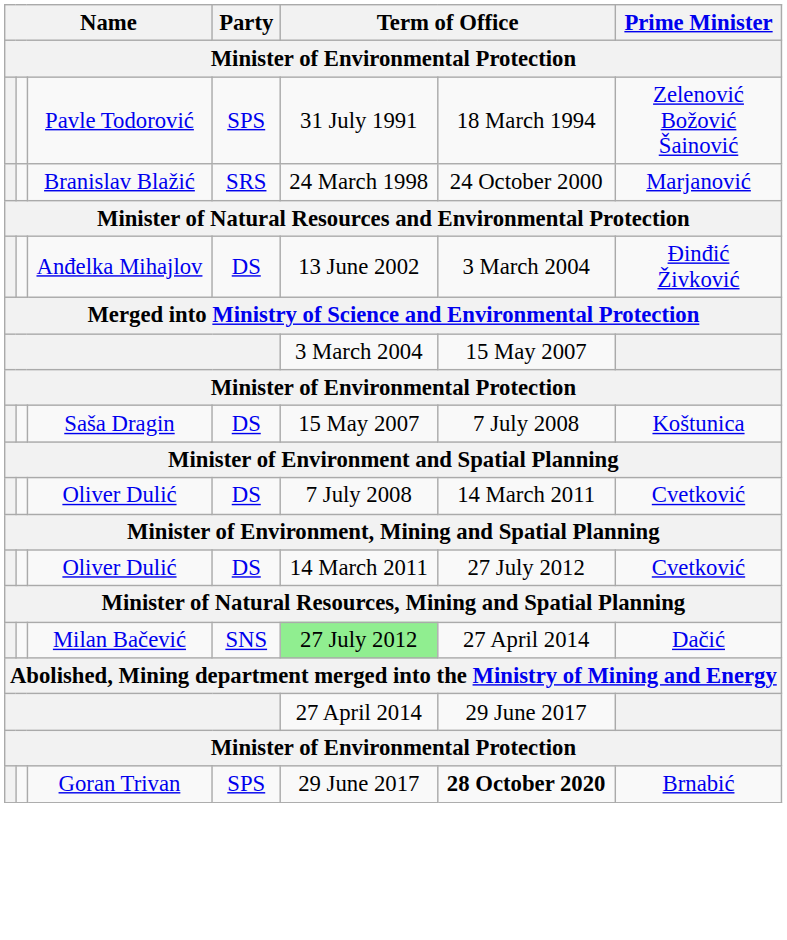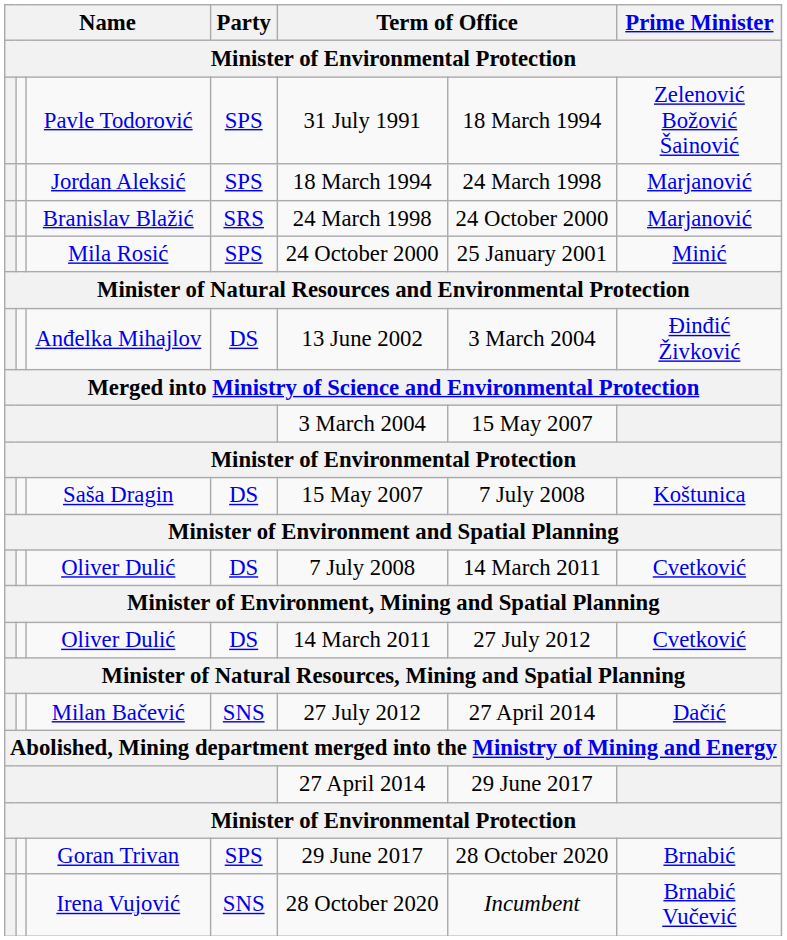 <table class="wikitable" style="text-align:center;">
 <tr>
 <th colspan=3>Name<br></th>
 <th>Party</th>
 <th colspan=2>Term of Office</th>
 <th><a href='#'>Prime Minister</a><br></th>
 </tr>
 <tr>
 <th colspan="7">Minister of Environmental Protection</th>
 </tr>
 <tr>
 <th style="background:"></th>
 <td></td>
 <td><a href='#'>Pavle Todorović</a><br></td>
 <td><a href='#'>SPS</a></td>
 <td>31 July 1991</td>
 <td>18 March 1994</td>
 <td><a href='#'>Zelenović</a> <br><a href='#'>Božović</a> <br><a href='#'>Šainović</a> </td>
 </tr>
 <tr>
 <th style="background:"></th>
 <td></td>
+<td><a href='#'>Jordan Aleksić</a><br></td>
+<td><a href='#'>SPS</a></td>
+<td>18 March 1994</td>
+<td>24 March 1998</td>
+<td><a href='#'>Marjanović</a> </td>
+</tr>
+<tr>
+<th style="background:"></th>
+<td></td>
 <td><a href='#'>Branislav Blažić</a><br></td>
 <td><a href='#'>SRS</a></td>
 <td>24 March 1998</td>
 <td>24 October 2000</td>
 <td><a href='#'>Marjanović</a> </td>
+</tr>
+<tr>
+<th style="background:"></th>
+<td></td>
+<td><a href='#'>Mila Rosić</a><br></td>
+<td><a href='#'>SPS</a></td>
+<td>24 October 2000</td>
+<td>25 January 2001</td>
+<td><a href='#'>Minić</a> </td>
 </tr>
 <tr>
 <th colspan="7">Minister of Natural Resources and Environmental Protection</th>
 </tr>
 <tr>
 <th style="background:"></th>
 <td></td>
 <td><a href='#'>Anđelka Mihajlov</a><br></td>
 <td><a href='#'>DS</a></td>
 <td>13 June 2002</td>
 <td>3 March 2004</td>
 <td><a href='#'>Đinđić</a> <br><a href='#'>Živković</a> </td>
 </tr>
 <tr>
 <th colspan="7">Merged into <a href='#'>Ministry of Science and Environmental Protection</a></th>
 </tr>
 <tr>
 <th colspan="4"></th>
 <td>3 March 2004</td>
 <td>15 May 2007</td>
 <th></th>
 </tr>
 <tr>
 <th colspan="7">Minister of Environmental Protection</th>
 </tr>
 <tr>
 <th style="background:"></th>
 <td></td>
 <td><a href='#'>Saša Dragin</a><br></td>
 <td><a href='#'>DS</a></td>
 <td>15 May 2007</td>
 <td>7 July 2008</td>
 <td><a href='#'>Koštunica</a> </td>
 </tr>
 <tr>
 <th colspan="7">Minister of Environment and Spatial Planning</th>
 </tr>
 <tr>
 <th style="background:"></th>
 <td></td>
 <td><a href='#'>Oliver Dulić</a><br></td>
 <td><a href='#'>DS</a></td>
 <td>7 July 2008</td>
 <td>14 March 2011</td>
 <td><a href='#'>Cvetković</a> </td>
 </tr>
 <tr>
 <th colspan="7">Minister of Environment, Mining and Spatial Planning</th>
 </tr>
 <tr>
 <th style="background:"></th>
 <td></td>
 <td><a href='#'>Oliver Dulić</a><br></td>
 <td><a href='#'>DS</a></td>
 <td>14 March 2011</td>
 <td>27 July 2012</td>
 <td><a href='#'>Cvetković</a> </td>
 </tr>
 <tr>
 <th colspan="7">Minister of Natural Resources, Mining and Spatial Planning</th>
 </tr>
 <tr>
 <th style="background:"></th>
 <td></td>
 <td><a href='#'>Milan Bačević</a><br></td>
 <td><a href='#'>SNS</a></td>
-<td style="background: lightgreen;">27 July 2012</td>
+<td>27 July 2012</td>
 <td>27 April 2014</td>
 <td><a href='#'>Dačić</a> </td>
 </tr>
 <tr>
 <th colspan="7">Abolished, Mining department merged into the <a href='#'>Ministry of Mining and Energy</a></th>
 </tr>
 <tr>
 <th colspan="4"></th>
 <td>27 April 2014</td>
 <td>29 June 2017</td>
 <th></th>
 </tr>
 <tr>
 <th colspan="7">Minister of Environmental Protection</th>
 </tr>
 <tr>
 <th style="background:"></th>
 <td></td>
 <td><a href='#'>Goran Trivan</a><br></td>
 <td><a href='#'>SPS</a></td>
 <td>29 June 2017</td>
-<td><strong>28 October 2020</strong></td>
+<td>28 October 2020</td>
 <td><a href='#'>Brnabić</a> </td>
 </tr>
+<tr>
+<th style="background:"></th>
+<td></td>
+<td><a href='#'>Irena Vujović</a><br></td>
+<td><a href='#'>SNS</a></td>
+<td>28 October 2020</td>
+<td><em>Incumbent</em></td>
+<td><a href='#'>Brnabić</a> <br><a href='#'>Vučević</a> </td>
+</tr>
 </table>
